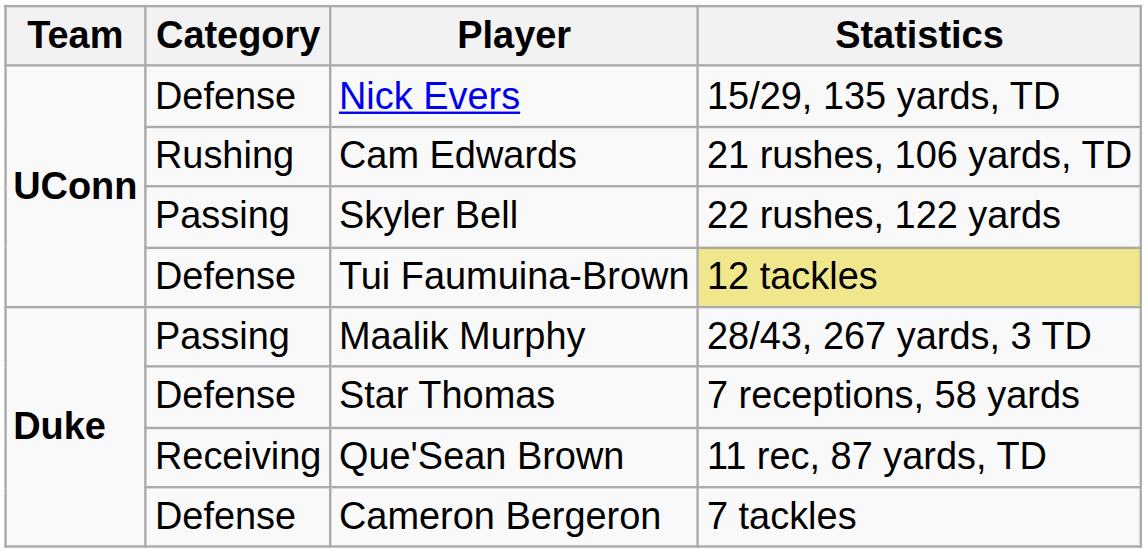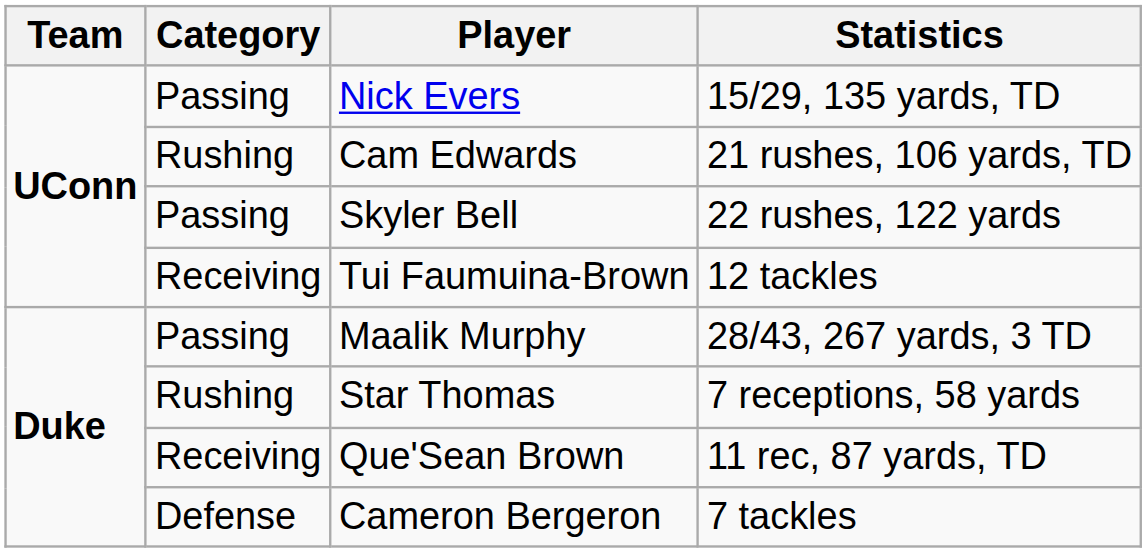 <table class="wikitable" style="float: right;">
 <tr>
 <th>Team</th>
 <th>Category</th>
 <th>Player</th>
 <th>Statistics</th>
 </tr>
 <tr>
 <td rowspan=4><strong>UConn</strong></td>
-<td>Defense</td>
+<td>Passing</td>
 <td><a href='#'>Nick Evers</a></td>
 <td>15/29, 135 yards, TD</td>
 </tr>
 <tr>
 <td>Rushing</td>
 <td>Cam Edwards</td>
 <td>21 rushes, 106 yards, TD</td>
 </tr>
 <tr>
 <td>Passing</td>
 <td>Skyler Bell</td>
 <td>22 rushes, 122 yards</td>
 </tr>
 <tr>
-<td>Defense</td>
+<td>Receiving</td>
 <td>Tui Faumuina-Brown</td>
-<td style="background: khaki;">12 tackles</td>
+<td>12 tackles</td>
 </tr>
 <tr>
 <td rowspan=4><strong>Duke</strong></td>
 <td>Passing</td>
 <td>Maalik Murphy</td>
 <td>28/43, 267 yards, 3 TD</td>
 </tr>
 <tr>
-<td>Defense</td>
+<td>Rushing</td>
 <td>Star Thomas</td>
 <td>7 receptions, 58 yards</td>
 </tr>
 <tr>
 <td>Receiving</td>
 <td>Que'Sean Brown</td>
 <td>11 rec, 87 yards, TD</td>
 </tr>
 <tr>
 <td>Defense</td>
 <td>Cameron Bergeron</td>
 <td>7 tackles</td>
 </tr>
 </table>
